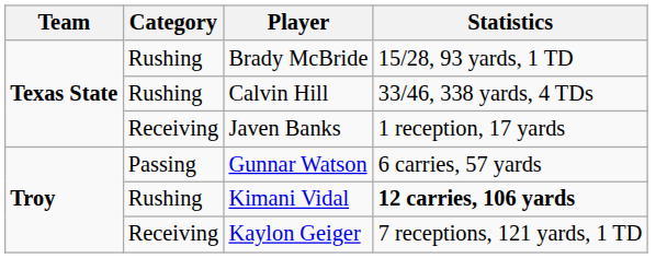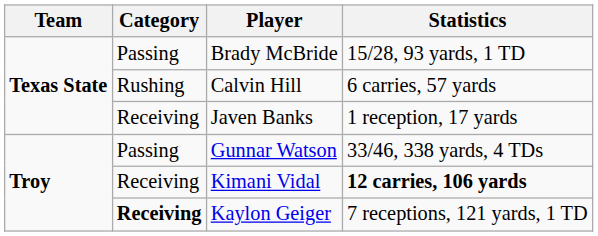 <table class="wikitable" style="float: left;">
 <tr>
 <th>Team</th>
 <th>Category</th>
 <th>Player</th>
 <th>Statistics</th>
 </tr>
 <tr>
 <td rowspan=3><strong>Texas State</strong></td>
-<td>Rushing</td>
+<td>Passing</td>
 <td>Brady McBride</td>
 <td>15/28, 93 yards, 1 TD</td>
 </tr>
 <tr>
 <td>Rushing</td>
 <td>Calvin Hill</td>
-<td>33/46, 338 yards, 4 TDs</td>
+<td>6 carries, 57 yards</td>
 </tr>
 <tr>
 <td>Receiving</td>
 <td>Javen Banks</td>
 <td>1 reception, 17 yards</td>
 </tr>
 <tr>
 <td rowspan=3><strong>Troy</strong></td>
 <td>Passing</td>
 <td><a href='#'>Gunnar Watson</a></td>
-<td>6 carries, 57 yards</td>
+<td>33/46, 338 yards, 4 TDs</td>
 </tr>
 <tr>
-<td>Rushing</td>
+<td>Receiving</td>
 <td><a href='#'>Kimani Vidal</a></td>
 <td><strong>12 carries, 106 yards</strong></td>
 </tr>
 <tr>
-<td>Receiving</td>
+<td><strong>Receiving</strong></td>
 <td><a href='#'>Kaylon Geiger</a></td>
 <td>7 receptions, 121 yards, 1 TD</td>
 </tr>
 </table>
